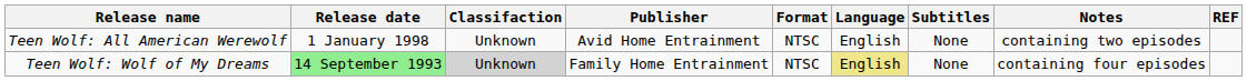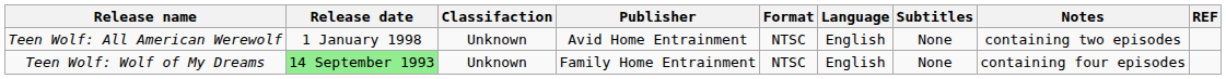 <table class="wikitable">
 <tr>
 <th>Release name<br></th>
 <th>Release date<br></th>
 <th>Classifaction<br></th>
 <th>Publisher <br></th>
 <th>Format <br></th>
 <th>Language</th>
 <th>Subtitles</th>
 <th>Notes<br></th>
 <th>REF</th>
 </tr>
 <tr style="text-align:center;">
 <td><em>Teen Wolf: All American Werewolf</em></td>
 <td>1 January 1998</td>
 <td>Unknown</td>
 <td>Avid Home Entrainment</td>
 <td>NTSC</td>
 <td>English</td>
 <td>None</td>
 <td>containing two episodes</td>
 <td></td>
 </tr>
 <tr>
 </tr>
 <tr style="text-align:center;">
 <td><em>Teen Wolf: Wolf of My Dreams</em></td>
 <td style="background: lightgreen;">14 September 1993</td>
-<td style="background: lightgrey;">Unknown</td>
+<td>Unknown</td>
 <td>Family Home Entrainment</td>
 <td>NTSC</td>
-<td style="background: khaki;">English</td>
+<td>English</td>
 <td>None</td>
 <td>containing four episodes</td>
 <td></td>
 </tr>
 </table>
